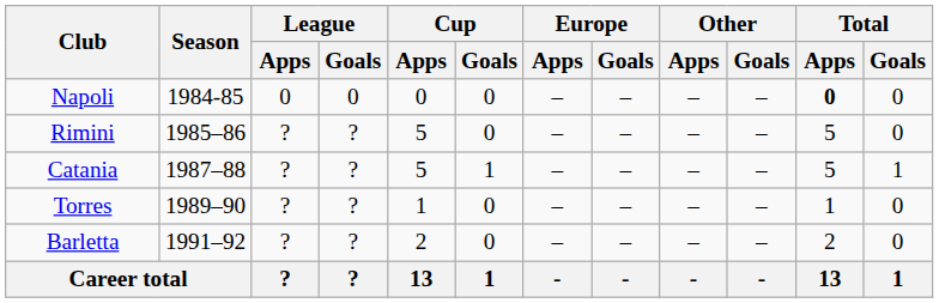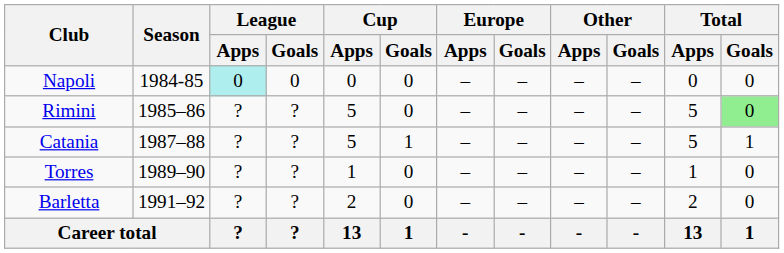 <table class="wikitable" style="text-align:center">
 <tr>
 <th rowspan="2" width="100">Club</th>
 <th rowspan="2">Season</th>
 <th colspan="2">League</th>
 <th colspan="2">Cup</th>
 <th colspan="2">Europe</th>
 <th colspan="2">Other</th>
 <th colspan="2">Total</th>
 </tr>
 <tr>
 <th width="40">Apps</th>
 <th width="40">Goals</th>
 <th width="40">Apps</th>
 <th width="40">Goals</th>
 <th width="40">Apps</th>
 <th width="40">Goals</th>
 <th width="40">Apps</th>
 <th width="40">Goals</th>
 <th width="40">Apps</th>
 <th width="40">Goals</th>
 </tr>
 <tr>
 <td><a href='#'>Napoli</a></td>
 <td>1984-85</td>
-<td>0</td>
+<td style="background: paleturquoise;">0</td>
 <td>0</td>
 <td>0</td>
 <td>0</td>
 <td>–</td>
 <td>–</td>
 <td>–</td>
 <td>–</td>
-<td><strong>0</strong></td>
+<td>0</td>
 <td>0</td>
 </tr>
 <tr>
 <td><a href='#'>Rimini</a></td>
 <td>1985–86</td>
 <td>?</td>
 <td>?</td>
 <td>5</td>
 <td>0</td>
 <td>–</td>
 <td>–</td>
 <td>–</td>
 <td>–</td>
 <td>5</td>
-<td>0</td>
+<td style="background: lightgreen;">0</td>
 </tr>
 <tr>
 <td><a href='#'>Catania</a></td>
 <td>1987–88</td>
 <td>?</td>
 <td>?</td>
 <td>5</td>
 <td>1</td>
 <td>–</td>
 <td>–</td>
 <td>–</td>
 <td>–</td>
 <td>5</td>
 <td>1</td>
 </tr>
 <tr>
 <td><a href='#'>Torres</a></td>
 <td>1989–90</td>
 <td>?</td>
 <td>?</td>
 <td>1</td>
 <td>0</td>
 <td>–</td>
 <td>–</td>
 <td>–</td>
 <td>–</td>
 <td>1</td>
 <td>0</td>
 </tr>
 <tr>
 <td><a href='#'>Barletta</a></td>
 <td>1991–92</td>
 <td>?</td>
 <td>?</td>
 <td>2</td>
 <td>0</td>
 <td>–</td>
 <td>–</td>
 <td>–</td>
 <td>–</td>
 <td>2</td>
 <td>0</td>
 </tr>
 <tr>
 <th colspan="2">Career total</th>
 <th>?</th>
 <th>?</th>
 <th>13</th>
 <th>1</th>
 <th>-</th>
 <th>-</th>
 <th>-</th>
 <th>-</th>
 <th>13</th>
 <th>1</th>
 </tr>
 </table>
